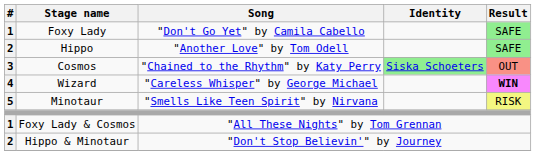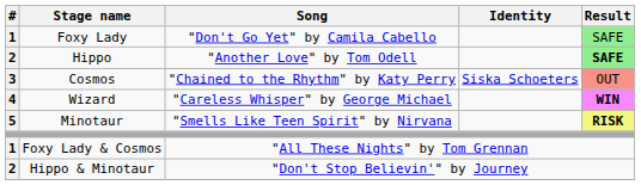 <table class="wikitable plainrowheaders" style="text-align: center;">
 <tr>
 <th>#</th>
 <th>Stage name</th>
 <th>Song</th>
 <th>Identity</th>
 <th>Result</th>
 </tr>
 <tr>
 <th>1</th>
 <td>Foxy Lady</td>
 <td>"<a href='#'>Don't Go Yet</a>" by <a href='#'>Camila Cabello</a></td>
 <td></td>
 <td bgcolor=lightgreen>SAFE</td>
 </tr>
 <tr>
 <th>2</th>
 <td>Hippo</td>
 <td>"<a href='#'>Another Love</a>" by <a href='#'>Tom Odell</a></td>
 <td></td>
-<td bgcolor=lightgreen>SAFE</td>
+<td bgcolor=lightgreen><strong>SAFE</strong></td>
 </tr>
 <tr>
 <th>3</th>
 <td>Cosmos</td>
 <td>"<a href='#'>Chained to the Rhythm</a>" by <a href='#'>Katy Perry</a></td>
-<td style="background: lightgreen;"><a href='#'>Siska Schoeters</a></td>
+<td><a href='#'>Siska Schoeters</a></td>
 <td bgcolor="#F99185">OUT</td>
 </tr>
 <tr>
 <th>4</th>
 <td>Wizard</td>
 <td>"<a href='#'>Careless Whisper</a>" by <a href='#'>George Michael</a></td>
 <td></td>
 <td bgcolor="#F888FD"><strong>WIN</strong></td>
 </tr>
 <tr>
 <th>5</th>
 <td>Minotaur</td>
 <td>"<a href='#'>Smells Like Teen Spirit</a>" by <a href='#'>Nirvana</a></td>
 <td></td>
-<td bgcolor=#F3F781>RISK</td>
+<td bgcolor=#F3F781><strong>RISK</strong></td>
 </tr>
 <tr>
 <td colspan="5" style="background:darkgray"></td>
 </tr>
 <tr>
 <th>1</th>
 <td>Foxy Lady & Cosmos</td>
 <td colspan="4">"<a href='#'>All These Nights</a>" by <a href='#'>Tom Grennan</a></td>
 </tr>
 <tr>
 <th>2</th>
 <td>Hippo & Minotaur</td>
 <td colspan="4">"<a href='#'>Don't Stop Believin'</a>" by <a href='#'>Journey</a></td>
 </tr>
 <tr>
 </tr>
 </table>
